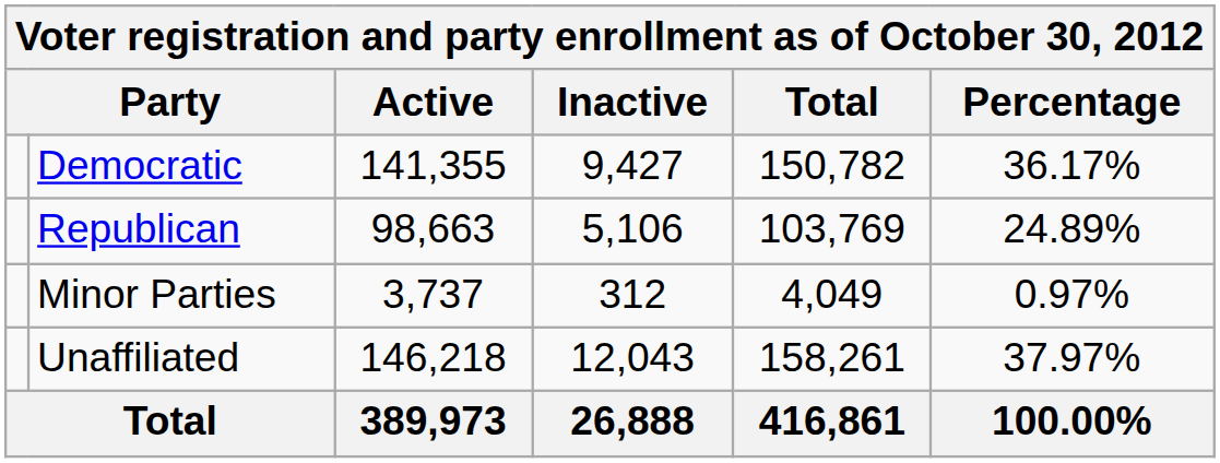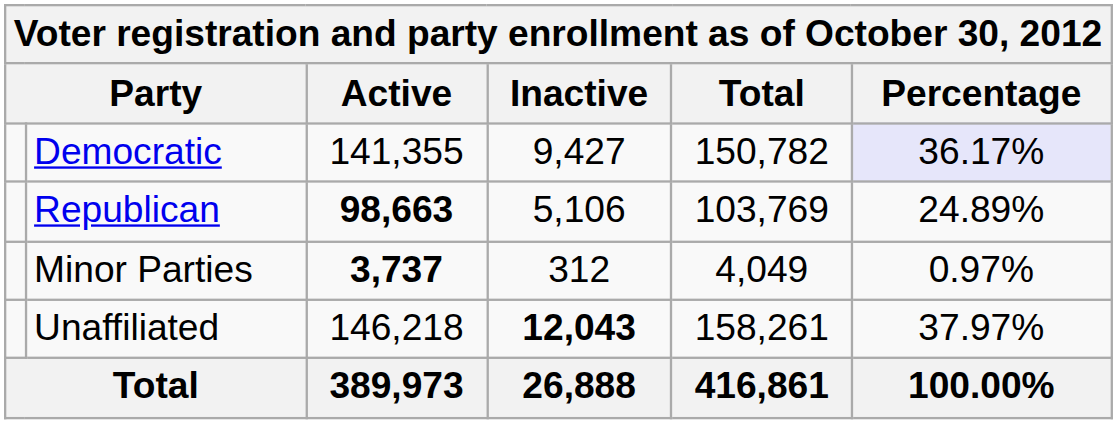 <table class=wikitable>
 <tr>
 <th colspan = 6>Voter registration and party enrollment as of October 30, 2012</th>
 </tr>
 <tr>
 <th colspan = 2>Party</th>
 <th>Active</th>
 <th>Inactive</th>
 <th>Total</th>
 <th>Percentage</th>
 </tr>
 <tr>
 <td></td>
 <td><a href='#'>Democratic</a></td>
 <td align=center>141,355</td>
 <td align=center>9,427</td>
 <td align=center>150,782</td>
-<td align=center>36.17%</td>
+<td align=center style="background: lavender;">36.17%</td>
 </tr>
 <tr>
 <td></td>
 <td><a href='#'>Republican</a></td>
-<td align=center>98,663</td>
+<td align=center><strong>98,663</strong></td>
 <td align=center>5,106</td>
 <td align=center>103,769</td>
 <td align=center>24.89%</td>
 </tr>
 <tr>
 <td></td>
 <td>Minor Parties</td>
-<td align=center>3,737</td>
+<td align=center><strong>3,737</strong></td>
 <td align=center>312</td>
 <td align=center>4,049</td>
 <td align=center>0.97%</td>
 </tr>
 <tr>
 <td></td>
 <td>Unaffiliated</td>
 <td align=center>146,218</td>
-<td align=center>12,043</td>
+<td align=center><strong>12,043</strong></td>
 <td align=center>158,261</td>
 <td align=center>37.97%</td>
 </tr>
 <tr>
 <th colspan = 2>Total</th>
 <th align=center>389,973</th>
 <th align=center>26,888</th>
 <th align=center>416,861</th>
 <th align=center>100.00%</th>
 </tr>
 </table>
